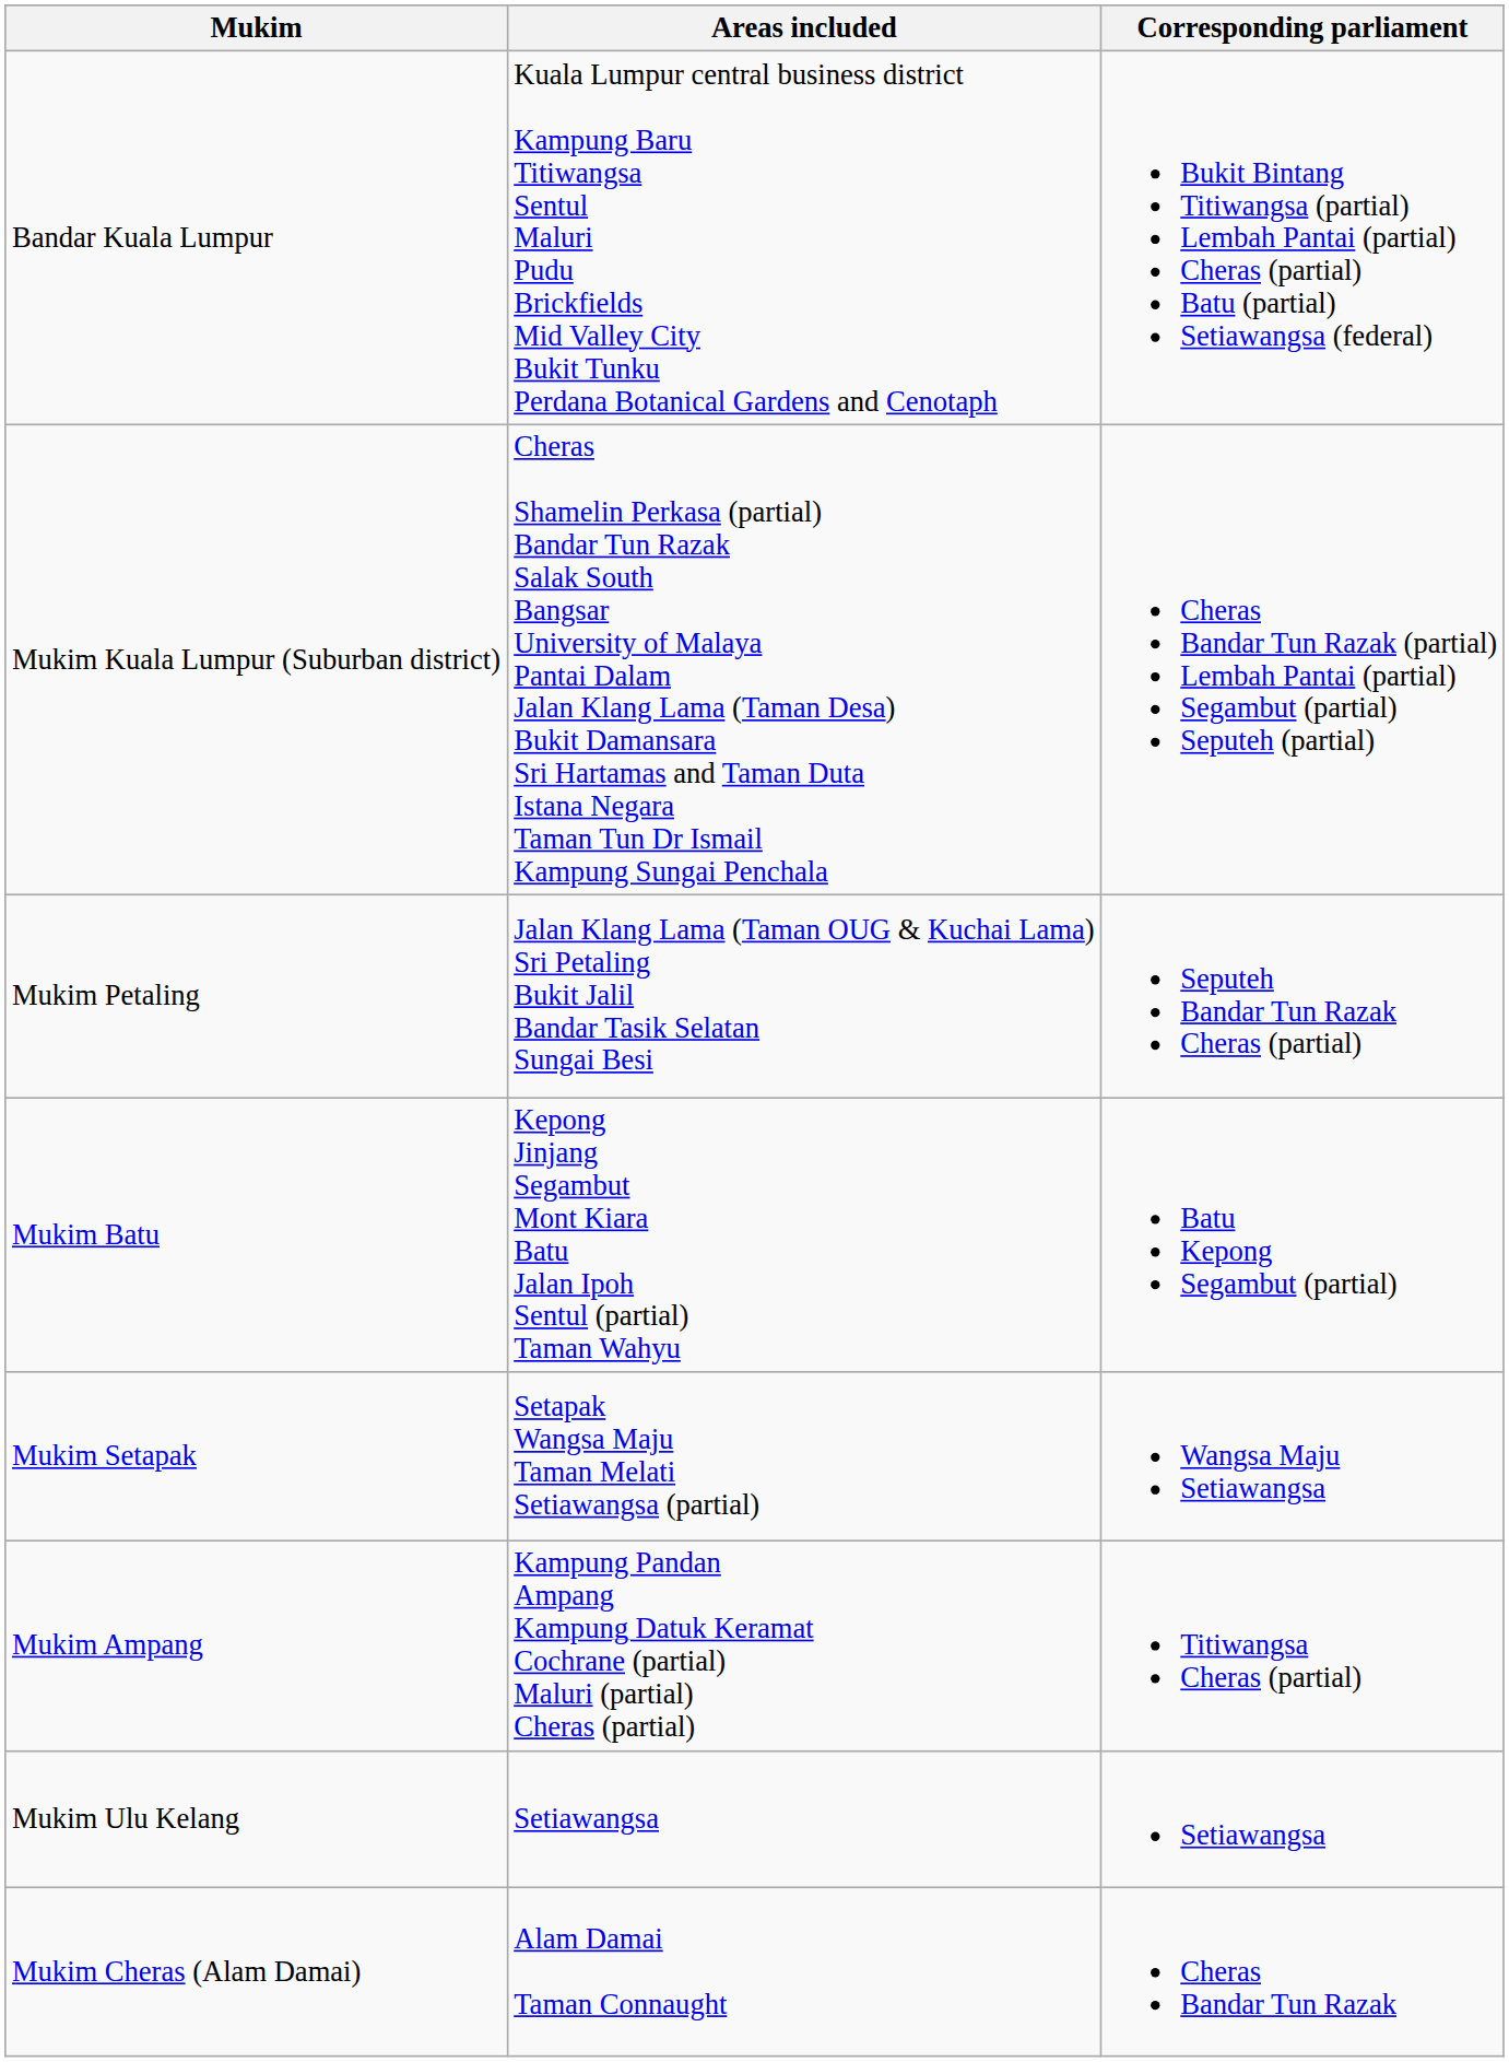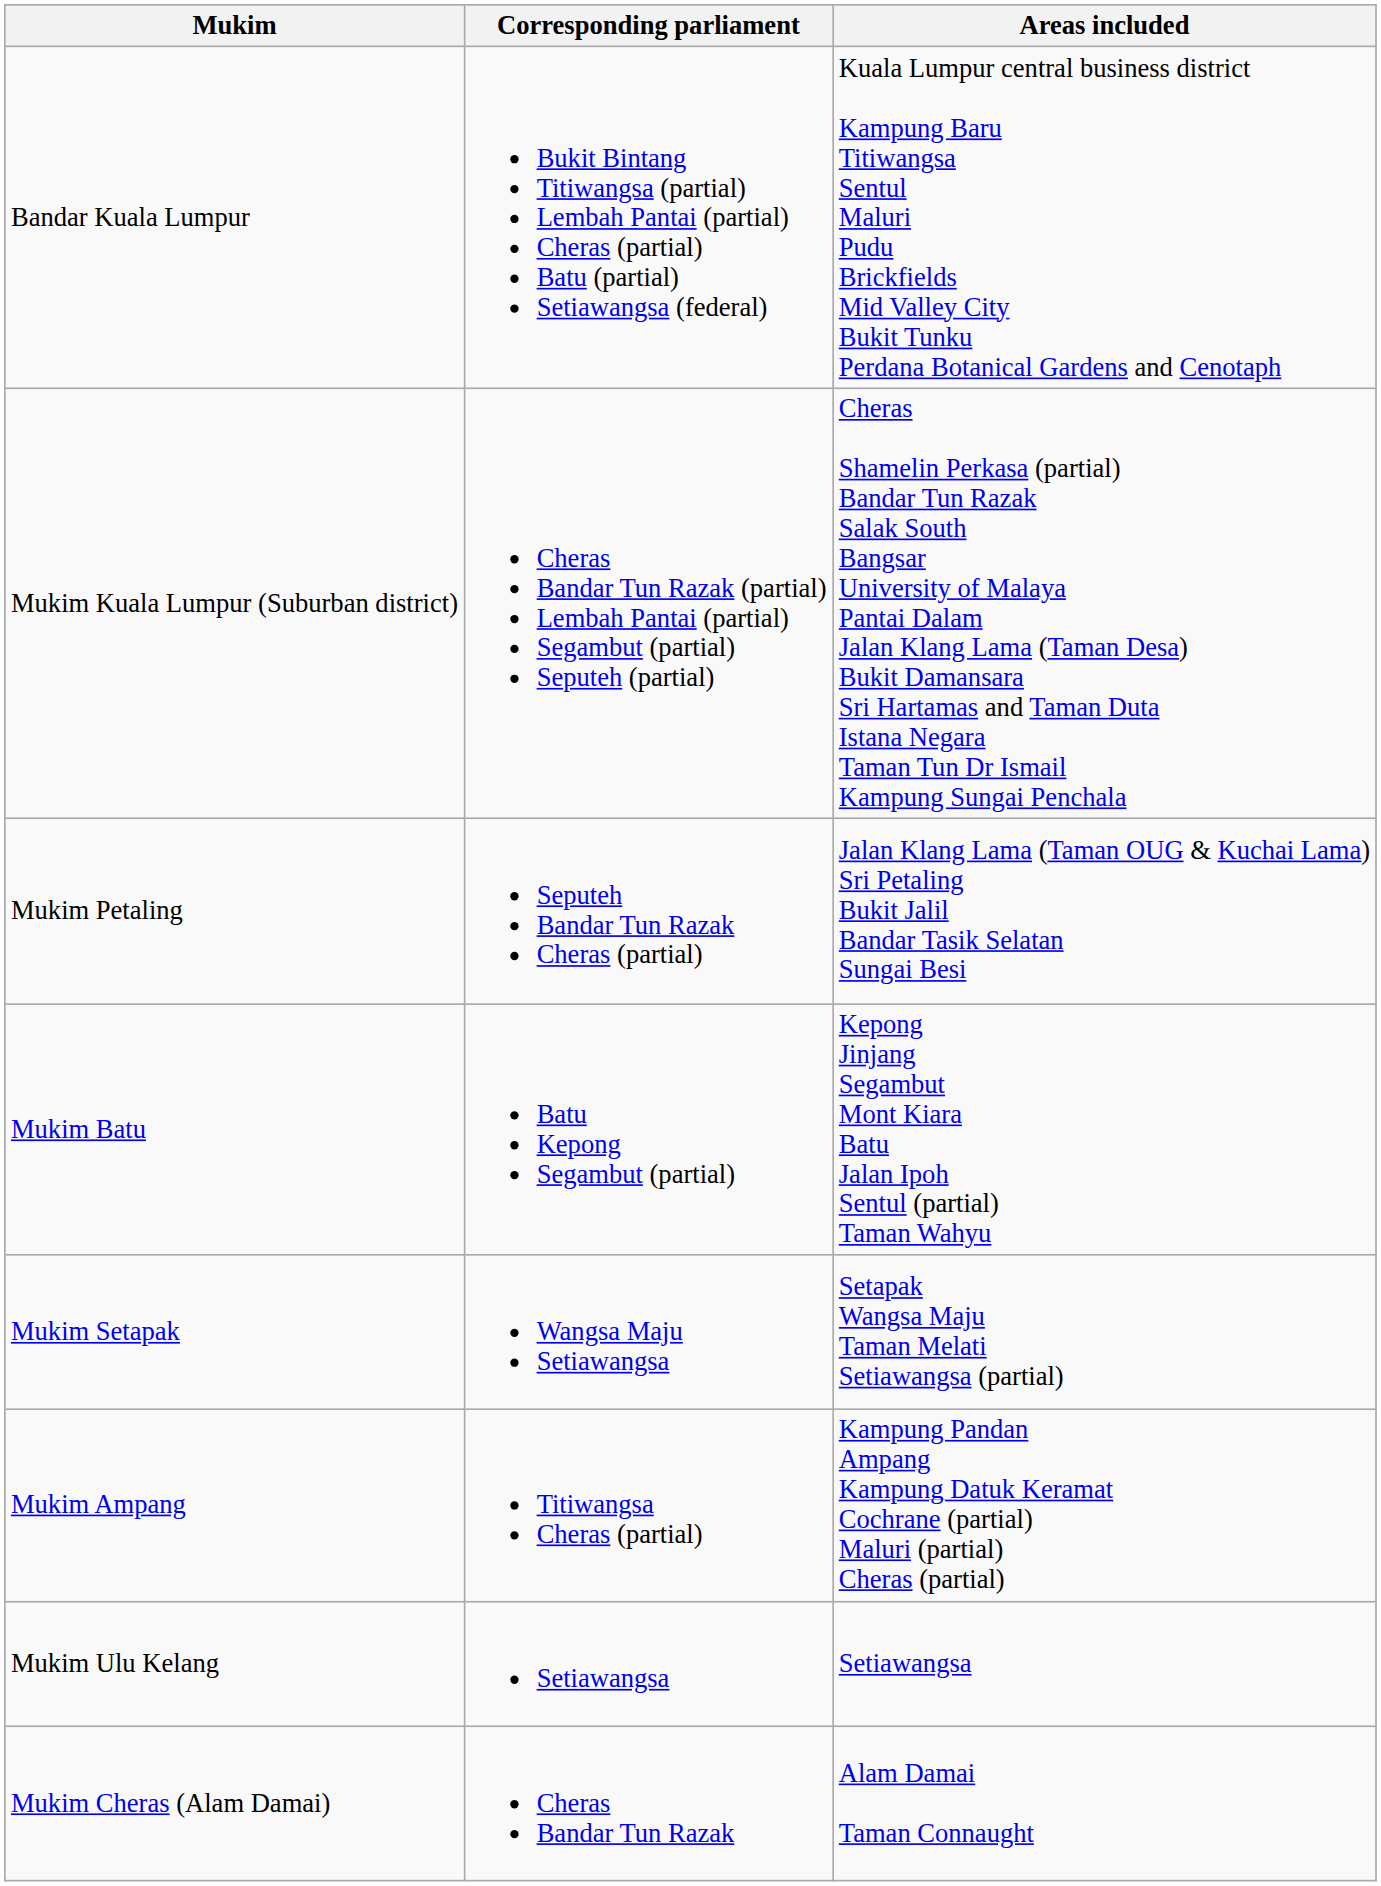 <table class="wikitable">
 <tr>
 <th>Mukim</th>
+<th>Corresponding parliament</th>
 <th>Areas included</th>
-<th>Corresponding parliament</th>
 </tr>
 <tr>
 <td>Bandar Kuala Lumpur</td>
+<td><br><ul><li><a href='#'>Bukit Bintang</a></li><li><a href='#'>Titiwangsa</a> (partial)</li><li><a href='#'>Lembah Pantai</a> (partial)</li><li><a href='#'>Cheras</a> (partial)</li><li><a href='#'>Batu</a> (partial)</li><li><a href='#'>Setiawangsa</a> (federal)</li></ul></td>
 <td>Kuala Lumpur central business district<br><br><a href='#'>Kampung Baru</a><br> <a href='#'>Titiwangsa</a><br> <a href='#'>Sentul</a><br> <a href='#'>Maluri</a><br> <a href='#'>Pudu</a><br> <a href='#'>Brickfields</a><br> <a href='#'>Mid Valley City</a><br> <a href='#'>Bukit Tunku</a><br> <a href='#'>Perdana Botanical Gardens</a> and <a href='#'>Cenotaph</a></td>
-<td><br><ul><li><a href='#'>Bukit Bintang</a></li><li><a href='#'>Titiwangsa</a> (partial)</li><li><a href='#'>Lembah Pantai</a> (partial)</li><li><a href='#'>Cheras</a> (partial)</li><li><a href='#'>Batu</a> (partial)</li><li><a href='#'>Setiawangsa</a> (federal)</li></ul></td>
 </tr>
 <tr>
 <td>Mukim Kuala Lumpur (Suburban district)</td>
+<td><br><ul><li><a href='#'>Cheras</a></li><li><a href='#'>Bandar Tun Razak</a> (partial)</li><li><a href='#'>Lembah Pantai</a> (partial)</li><li><a href='#'>Segambut</a> (partial)</li><li><a href='#'>Seputeh</a> (partial)</li></ul></td>
 <td><a href='#'>Cheras</a><br><br><a href='#'>Shamelin Perkasa</a> (partial)<br> <a href='#'>Bandar Tun Razak</a><br> <a href='#'>Salak South</a><br> <a href='#'>Bangsar</a><br> <a href='#'>University of Malaya</a><br> <a href='#'>Pantai Dalam</a><br> <a href='#'>Jalan Klang Lama</a> (<a href='#'>Taman Desa</a>)<br> <a href='#'>Bukit Damansara</a><br> <a href='#'>Sri Hartamas</a> and <a href='#'>Taman Duta</a><br> <a href='#'>Istana Negara</a><br> <a href='#'>Taman Tun Dr Ismail</a><br> <a href='#'>Kampung Sungai Penchala</a></td>
-<td><br><ul><li><a href='#'>Cheras</a></li><li><a href='#'>Bandar Tun Razak</a> (partial)</li><li><a href='#'>Lembah Pantai</a> (partial)</li><li><a href='#'>Segambut</a> (partial)</li><li><a href='#'>Seputeh</a> (partial)</li></ul></td>
 </tr>
 <tr>
 <td>Mukim Petaling</td>
+<td><br><ul><li><a href='#'>Seputeh</a></li><li><a href='#'>Bandar Tun Razak</a></li><li><a href='#'>Cheras</a> (partial)</li></ul></td>
 <td><a href='#'>Jalan Klang Lama</a> (<a href='#'>Taman OUG</a> & <a href='#'>Kuchai Lama</a>)<br><a href='#'>Sri Petaling</a><br> <a href='#'>Bukit Jalil</a><br> <a href='#'>Bandar Tasik Selatan</a><br> <a href='#'>Sungai Besi</a></td>
-<td><br><ul><li><a href='#'>Seputeh</a></li><li><a href='#'>Bandar Tun Razak</a></li><li><a href='#'>Cheras</a> (partial)</li></ul></td>
 </tr>
 <tr>
 <td><a href='#'>Mukim Batu</a></td>
+<td><br><ul><li><a href='#'>Batu</a></li><li><a href='#'>Kepong</a></li><li><a href='#'>Segambut</a> (partial)</li></ul></td>
 <td><a href='#'>Kepong</a><br><a href='#'>Jinjang</a><br> <a href='#'>Segambut</a><br> <a href='#'>Mont Kiara</a><br> <a href='#'>Batu</a><br> <a href='#'>Jalan Ipoh</a><br> <a href='#'>Sentul</a> (partial)<br> <a href='#'>Taman Wahyu</a></td>
-<td><br><ul><li><a href='#'>Batu</a></li><li><a href='#'>Kepong</a></li><li><a href='#'>Segambut</a> (partial)</li></ul></td>
 </tr>
 <tr>
 <td><a href='#'>Mukim Setapak</a></td>
+<td><br><ul><li><a href='#'>Wangsa Maju</a></li><li><a href='#'>Setiawangsa</a></li></ul></td>
 <td><a href='#'>Setapak</a><br><a href='#'>Wangsa Maju</a><br> <a href='#'>Taman Melati</a><br> <a href='#'>Setiawangsa</a> (partial)</td>
-<td><br><ul><li><a href='#'>Wangsa Maju</a></li><li><a href='#'>Setiawangsa</a></li></ul></td>
 </tr>
 <tr>
 <td><a href='#'>Mukim Ampang</a></td>
+<td><br><ul><li><a href='#'>Titiwangsa</a></li><li><a href='#'>Cheras</a> (partial)</li></ul></td>
 <td><a href='#'>Kampung Pandan</a><br><a href='#'>Ampang</a><br> <a href='#'>Kampung Datuk Keramat</a><br> <a href='#'>Cochrane</a> (partial)<br> <a href='#'>Maluri</a> (partial)<br> <a href='#'>Cheras</a> (partial)</td>
-<td><br><ul><li><a href='#'>Titiwangsa</a></li><li><a href='#'>Cheras</a> (partial)</li></ul></td>
 </tr>
 <tr>
 <td>Mukim Ulu Kelang</td>
+<td><br><ul><li><a href='#'>Setiawangsa</a></li></ul></td>
 <td><a href='#'>Setiawangsa</a></td>
-<td><br><ul><li><a href='#'>Setiawangsa</a></li></ul></td>
 </tr>
 <tr>
 <td><a href='#'>Mukim Cheras</a> (Alam Damai)</td>
+<td><br><ul><li><a href='#'>Cheras</a></li><li><a href='#'>Bandar Tun Razak</a></li></ul></td>
 <td><a href='#'>Alam Damai</a><br><br><a href='#'>Taman Connaught</a></td>
-<td><br><ul><li><a href='#'>Cheras</a></li><li><a href='#'>Bandar Tun Razak</a></li></ul></td>
 </tr>
 </table>
